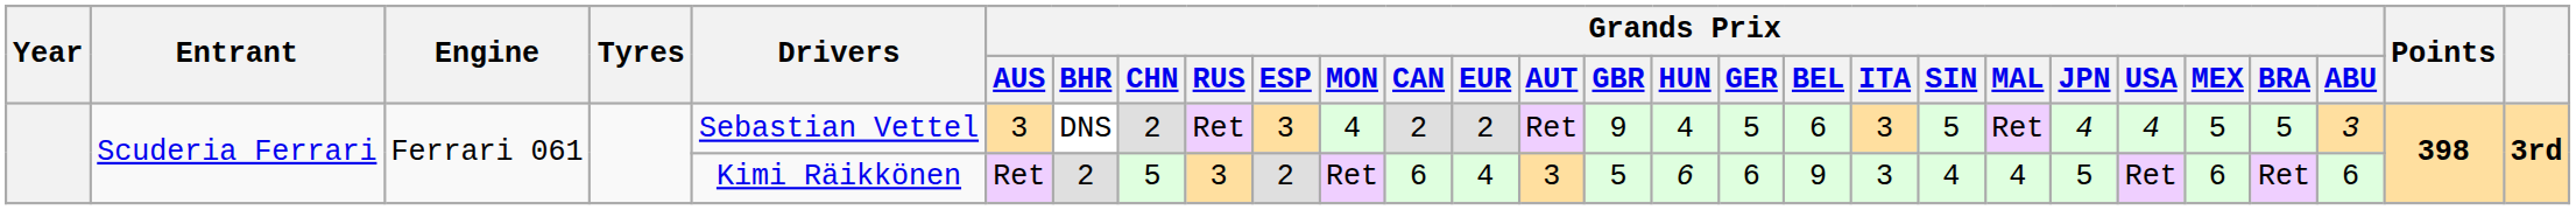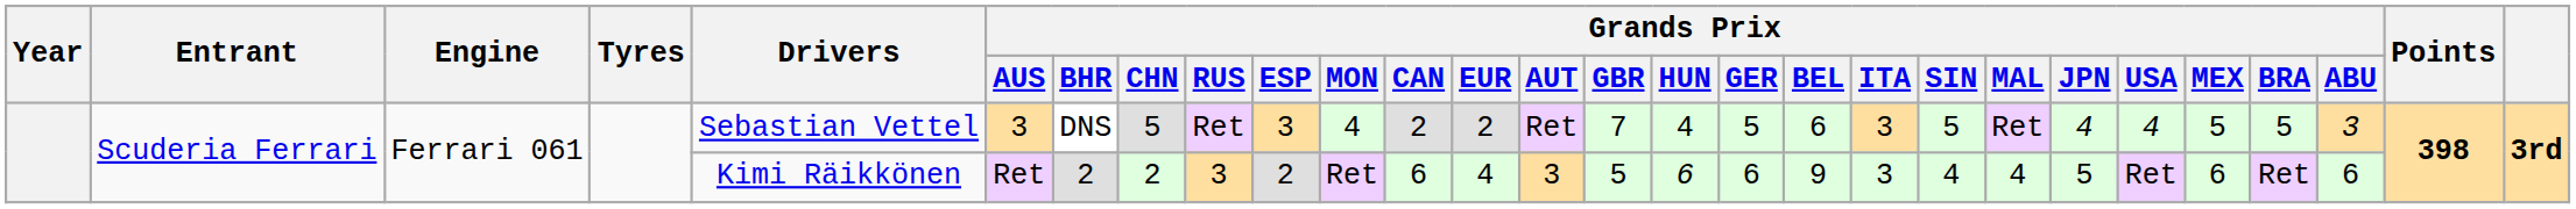 <table class="wikitable" style="text-align:center; font-size:90%">
 <tr>
 <th rowspan="2">Year</th>
 <th rowspan="2">Entrant</th>
 <th rowspan="2">Engine</th>
 <th rowspan="2">Tyres</th>
 <th rowspan="2">Drivers</th>
 <th colspan="21">Grands Prix</th>
 <th rowspan="2">Points</th>
 <th rowspan="2"></th>
 </tr>
 <tr>
 <th><a href='#'>AUS</a></th>
 <th><a href='#'>BHR</a></th>
 <th><a href='#'>CHN</a></th>
 <th><a href='#'>RUS</a></th>
 <th><a href='#'>ESP</a></th>
 <th><a href='#'>MON</a></th>
 <th><a href='#'>CAN</a></th>
 <th><a href='#'>EUR</a></th>
 <th><a href='#'>AUT</a></th>
 <th><a href='#'>GBR</a></th>
 <th><a href='#'>HUN</a></th>
 <th><a href='#'>GER</a></th>
 <th><a href='#'>BEL</a></th>
 <th><a href='#'>ITA</a></th>
 <th><a href='#'>SIN</a></th>
 <th><a href='#'>MAL</a></th>
 <th><a href='#'>JPN</a></th>
 <th><a href='#'>USA</a></th>
 <th><a href='#'>MEX</a></th>
 <th><a href='#'>BRA</a></th>
 <th><a href='#'>ABU</a></th>
 </tr>
 <tr>
 <th rowspan=2></th>
 <td rowspan=2><a href='#'>Scuderia Ferrari</a></td>
 <td rowspan=2>Ferrari 061</td>
 <td rowspan=2></td>
 <td align="center"><a href='#'>Sebastian Vettel</a></td>
 <td style="background-color:#ffdf9f">3</td>
 <td style="background-color:#ffffff">DNS</td>
-<td style="background-color:#DFDFDF">2</td>
+<td style="background-color:#DFDFDF">5</td>
 <td style="background-color:#efcfff">Ret</td>
 <td style="background-color:#ffdf9f">3</td>
 <td style="background-color:#DFFFDF">4</td>
 <td style="background-color:#DFDFDF">2</td>
 <td style="background-color:#DFDFDF">2</td>
 <td style="background-color:#efcfff">Ret</td>
-<td style="background-color:#DFFFDF">9</td>
+<td style="background-color:#DFFFDF">7</td>
 <td style="background-color:#DFFFDF">4</td>
 <td style="background-color:#DFFFDF">5</td>
 <td style="background-color:#DFFFDF">6</td>
 <td style="background-color:#ffdf9f">3</td>
 <td style="background-color:#DFFFDF">5</td>
 <td style="background-color:#efcfff">Ret</td>
 <td style="background-color:#DFFFDF"><em>4</em></td>
 <td style="background-color:#DFFFDF"><em>4</em></td>
 <td style="background-color:#DFFFDF">5</td>
 <td style="background-color:#DFFFDF">5</td>
 <td style="background-color:#ffdf9f"><em>3</em></td>
 <td rowspan="2" style="background-color:#ffdf9f"><strong>398</strong></td>
 <td rowspan="2" style="background-color:#ffdf9f"><strong>3rd</strong></td>
 </tr>
 <tr>
 <td align="center"><a href='#'>Kimi Räikkönen</a></td>
 <td style="background-color:#efcfff">Ret</td>
 <td style="background-color:#DFDFDF">2</td>
-<td style="background-color:#DFFFDF">5</td>
+<td style="background-color:#DFFFDF">2</td>
 <td style="background-color:#ffdf9f">3</td>
 <td style="background-color:#DFDFDF">2</td>
 <td style="background-color:#efcfff">Ret</td>
 <td style="background-color:#DFFFDF">6</td>
 <td style="background-color:#DFFFDF">4</td>
 <td style="background-color:#ffdf9f">3</td>
 <td style="background-color:#DFFFDF">5</td>
 <td style="background-color:#DFFFDF"><em>6</em></td>
 <td style="background-color:#DFFFDF">6</td>
 <td style="background-color:#DFFFDF">9</td>
 <td style="background-color:#DFFFDF">3</td>
 <td style="background-color:#DFFFDF">4</td>
 <td style="background-color:#DFFFDF">4</td>
 <td style="background-color:#DFFFDF">5</td>
 <td style="background-color:#efcfff">Ret</td>
 <td style="background-color:#DFFFDF">6</td>
 <td style="background-color:#efcfff">Ret</td>
 <td style="background-color:#DFFFDF">6</td>
 </tr>
 </table>
